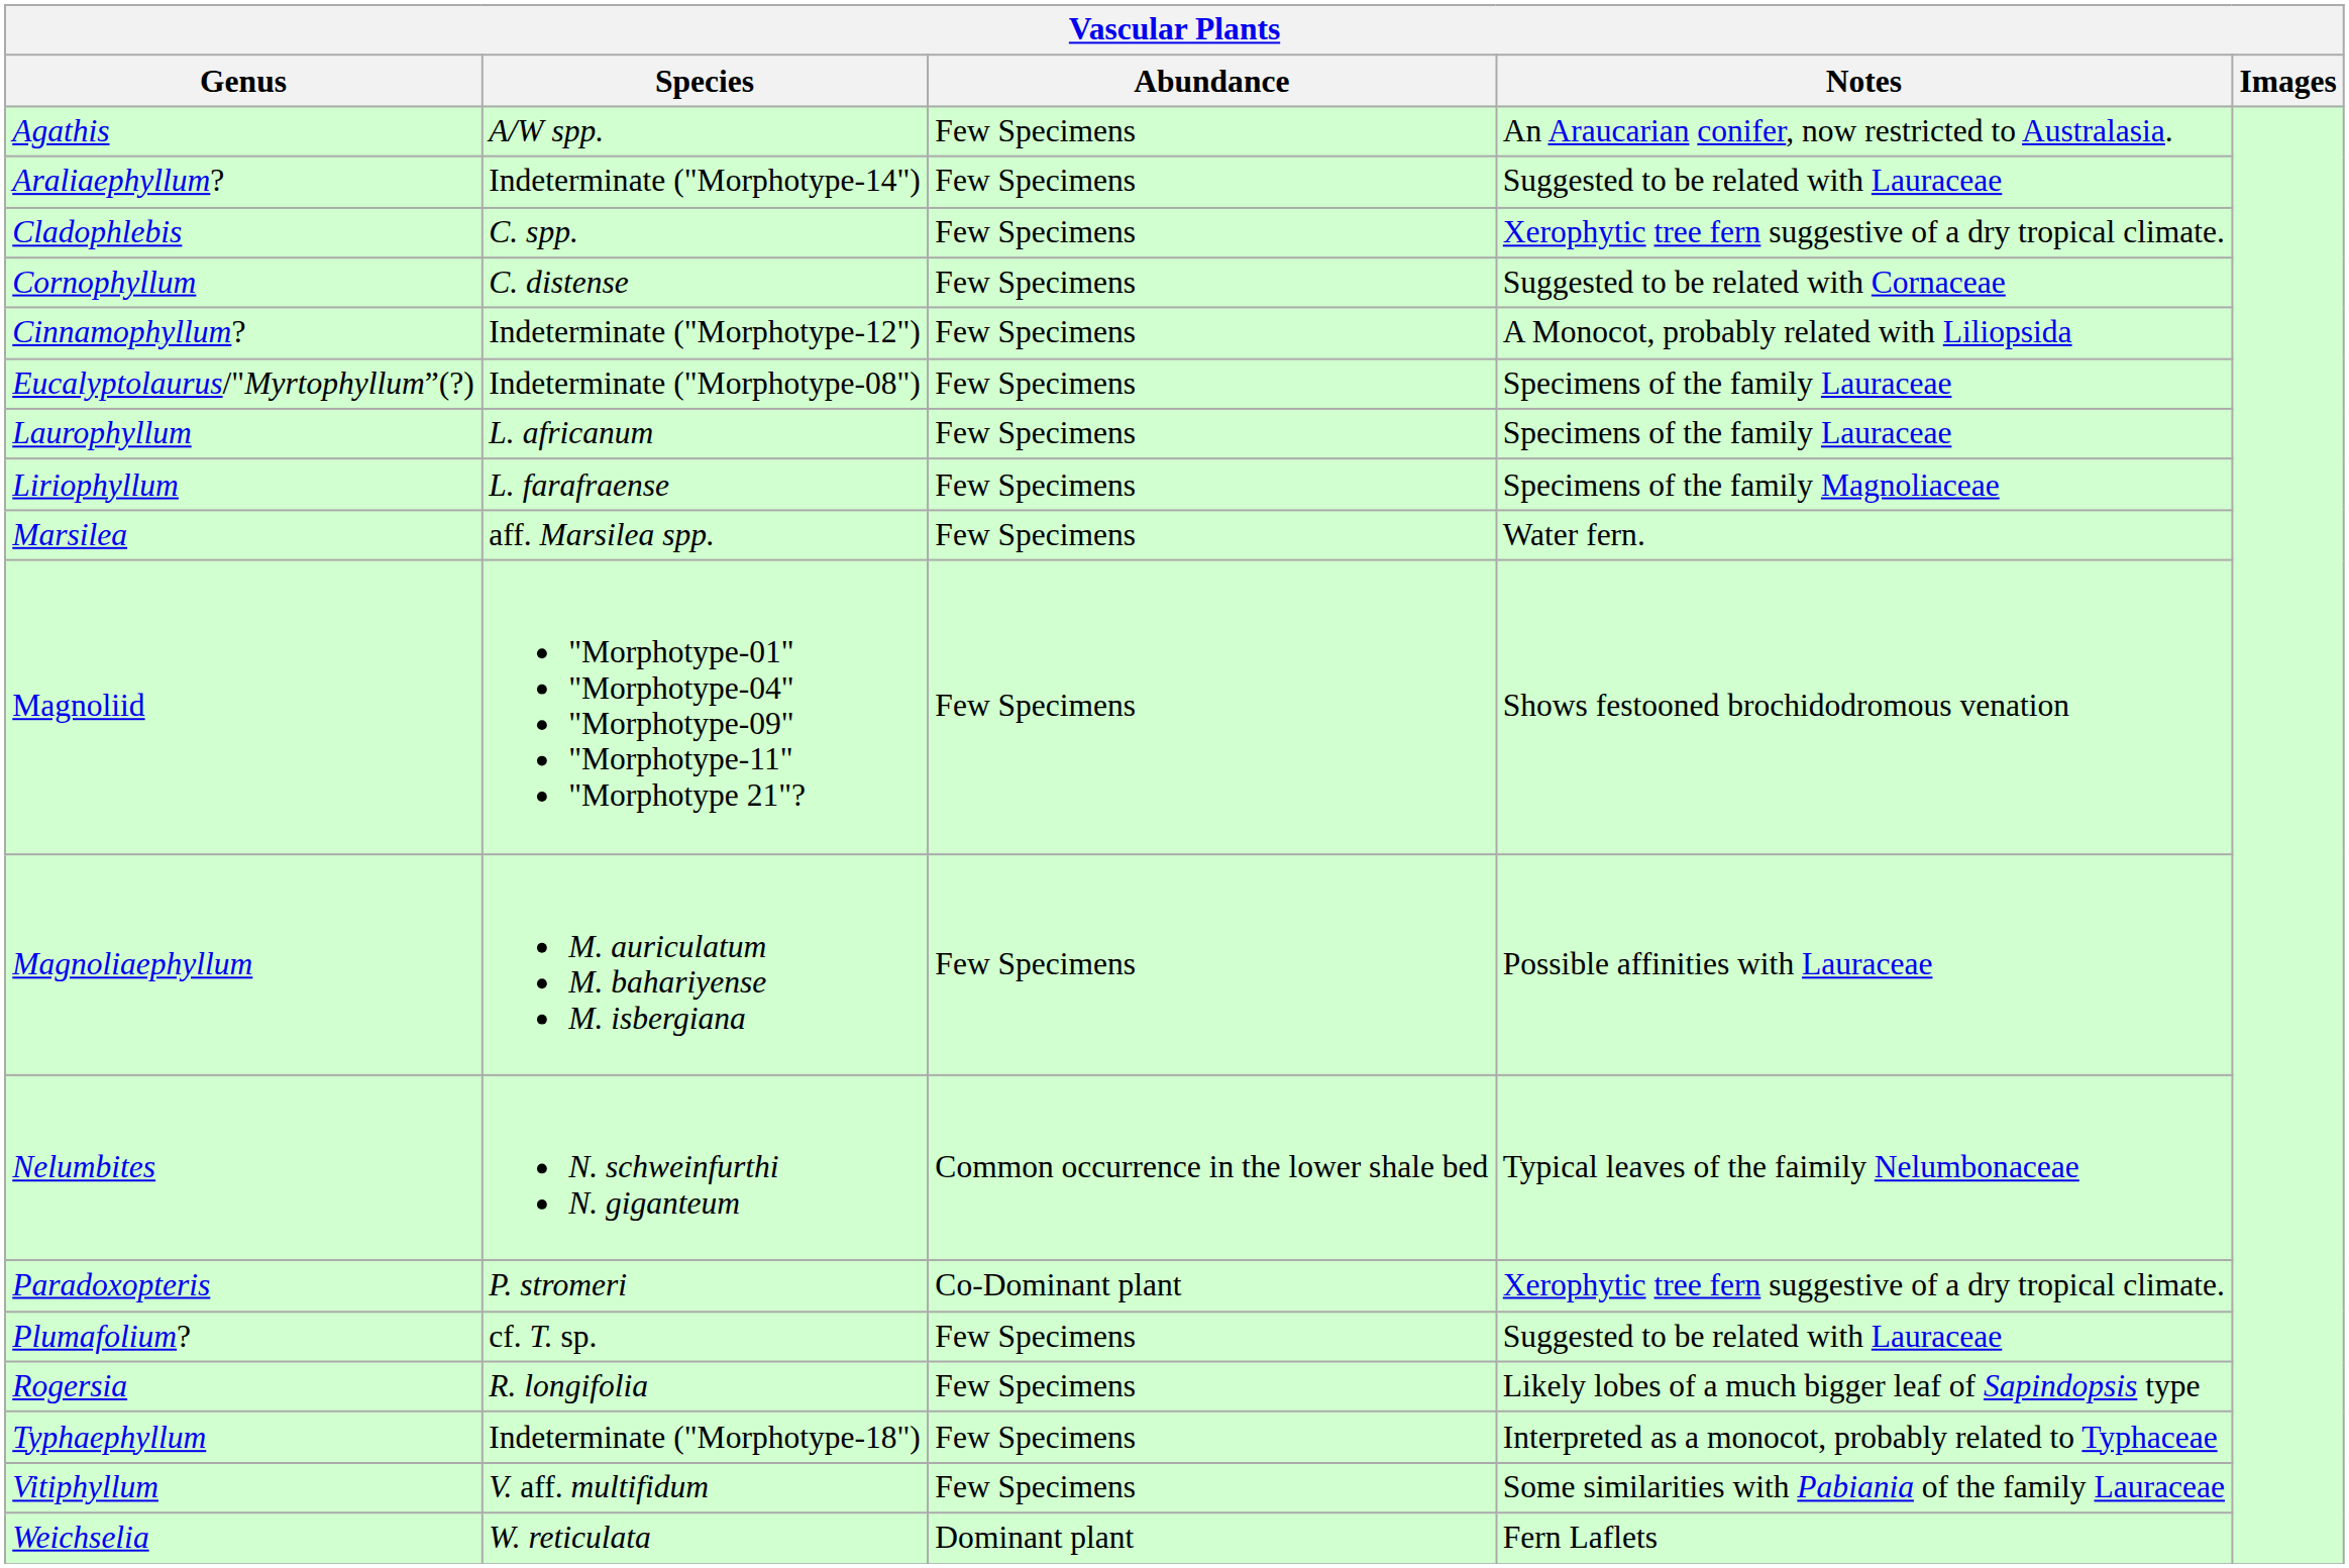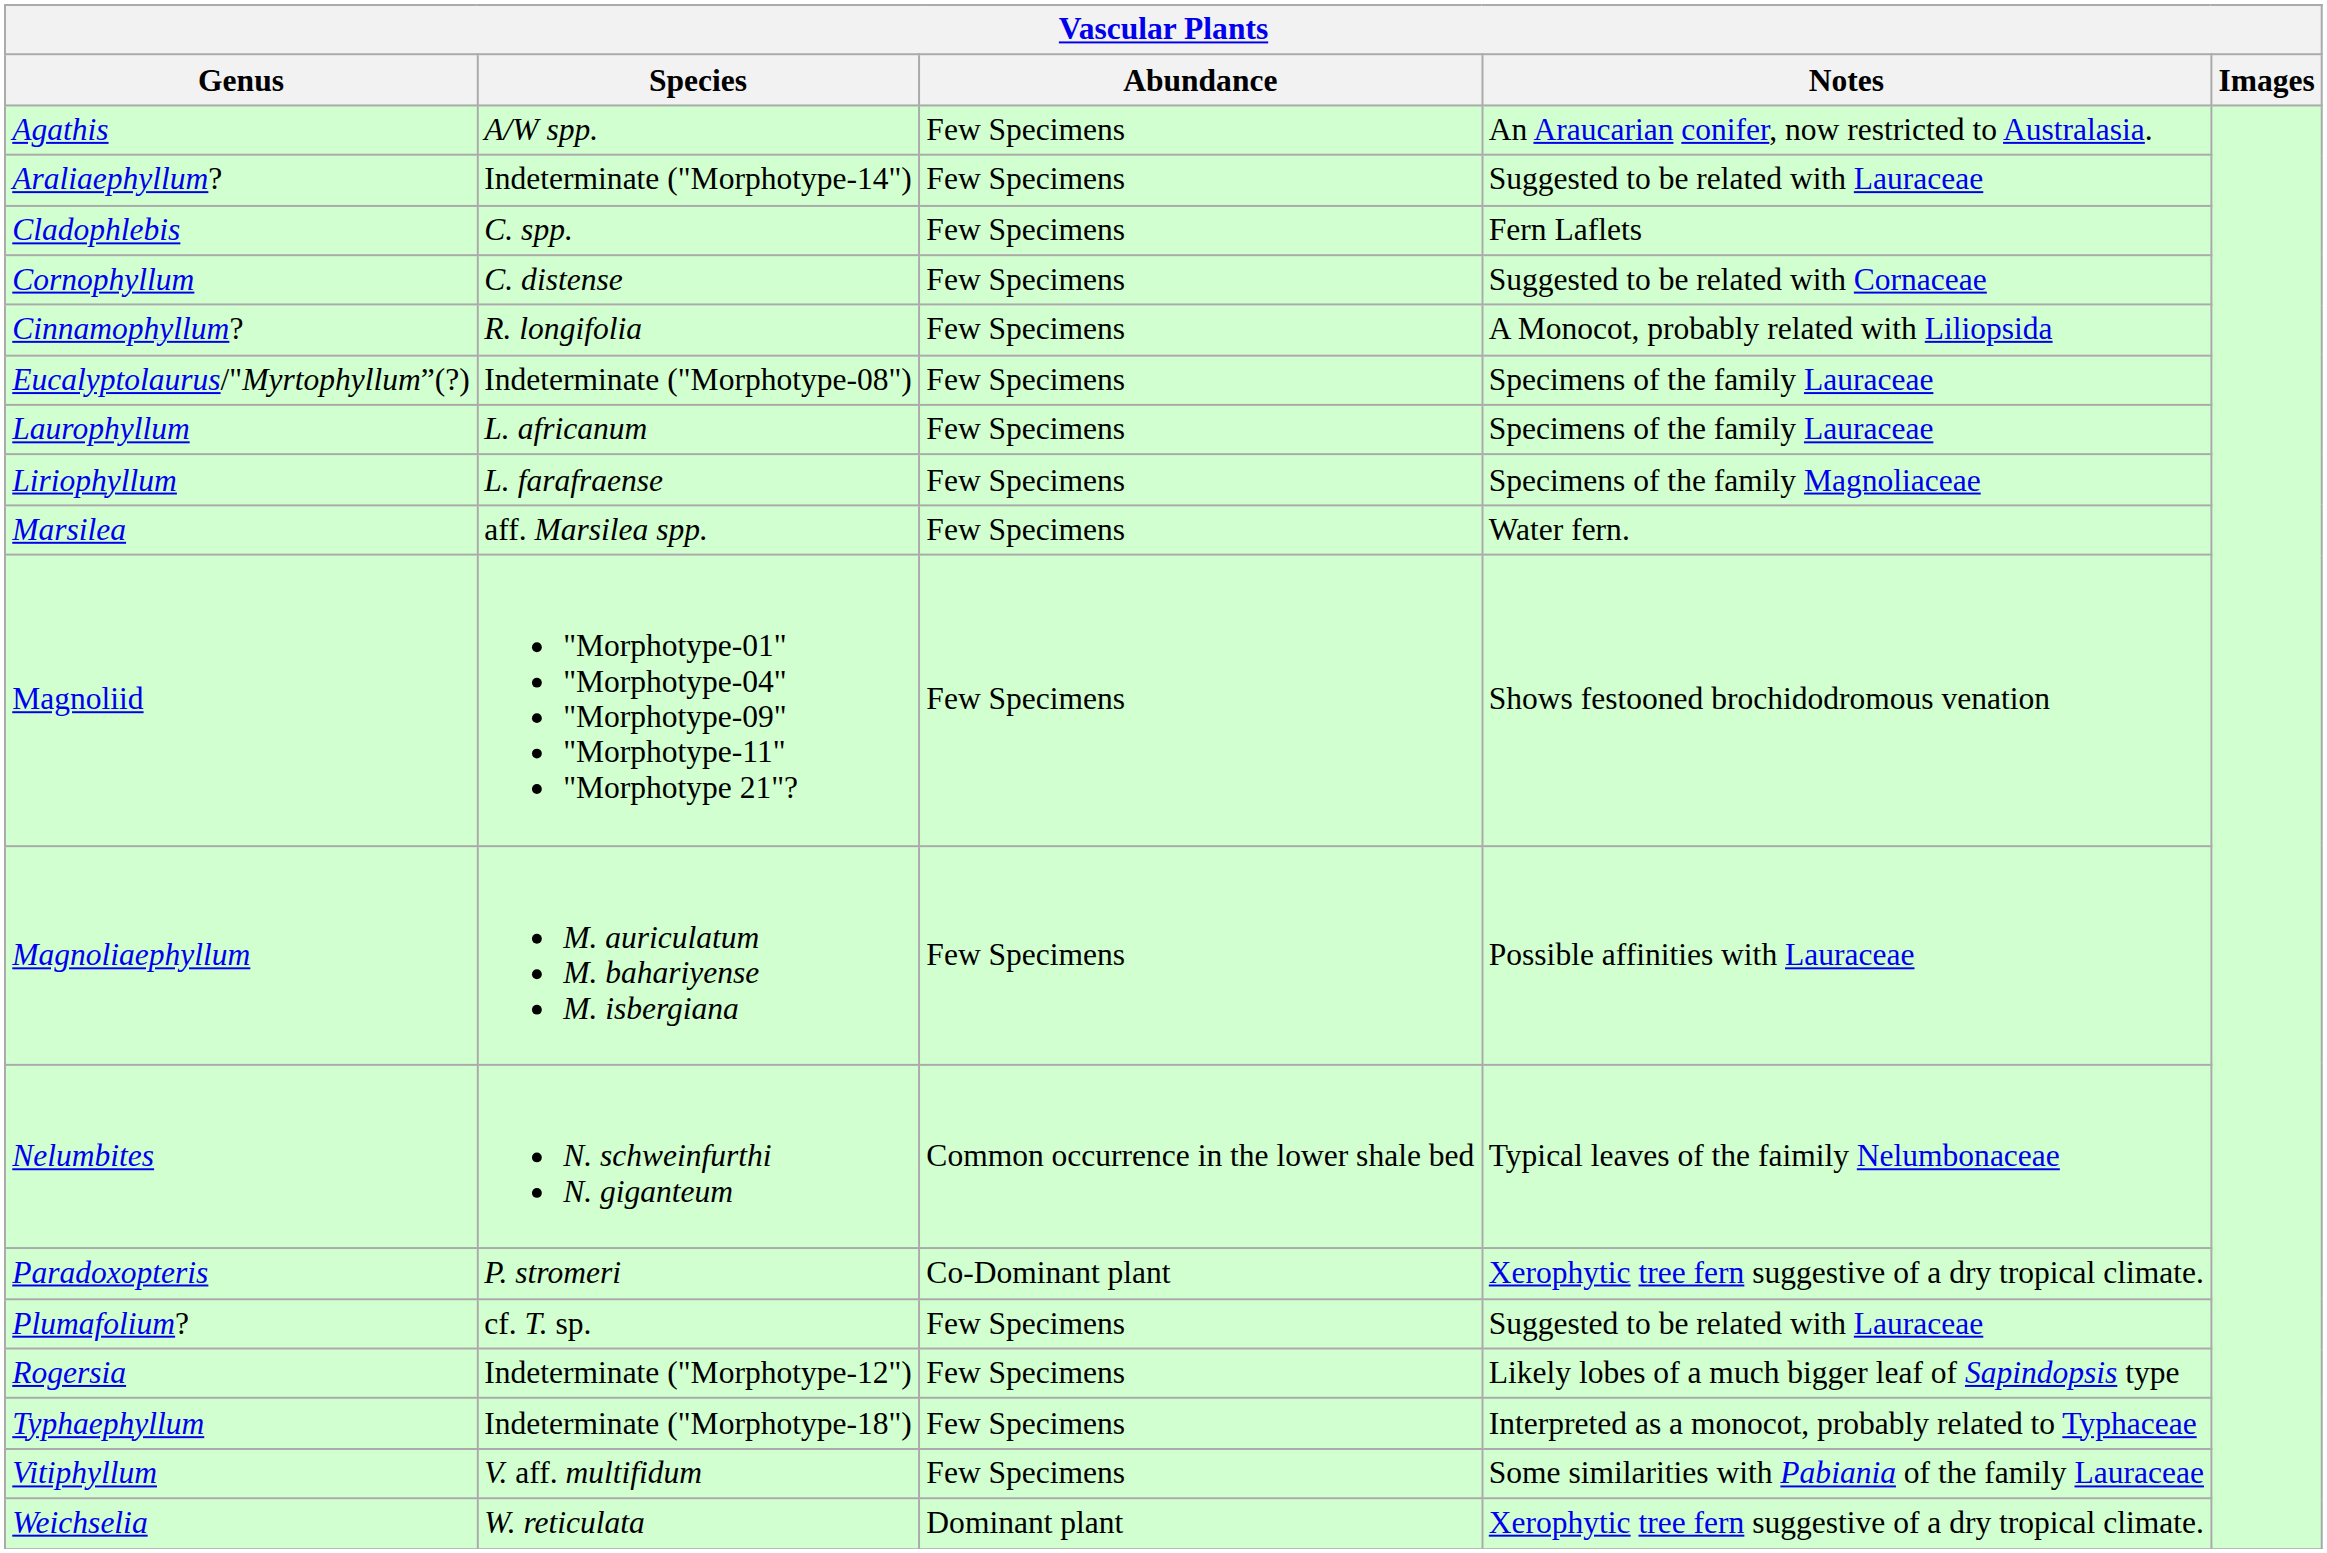 <table class="wikitable" align="center">
 <tr>
 <th colspan="7" align="center"><strong><a href='#'>Vascular Plants</a></strong></th>
 </tr>
 <tr>
 <th>Genus</th>
 <th>Species</th>
 <th>Abundance</th>
 <th>Notes</th>
 <th>Images</th>
 </tr>
 <tr>
 <td style="background:#D1FFCF;"><em><a href='#'>Agathis</a></em></td>
 <td style="background:#D1FFCF;"><em>A/W spp.</em></td>
 <td style="background:#D1FFCF;">Few Specimens</td>
 <td style="background:#D1FFCF;">An <a href='#'>Araucarian</a> <a href='#'>conifer</a>, now restricted to <a href='#'>Australasia</a>.</td>
 <td rowspan="18" style="background:#D1FFCF;"><br>  </td>
 </tr>
 <tr>
 <td style="background:#D1FFCF;"><em><a href='#'>Araliaephyllum</a></em>?</td>
 <td style="background:#D1FFCF;">Indeterminate ("Morphotype-14")</td>
 <td style="background:#D1FFCF;">Few Specimens</td>
 <td style="background:#D1FFCF;">Suggested to be related with <a href='#'>Lauraceae</a></td>
 </tr>
 <tr>
 <td style="background:#D1FFCF;"><em><a href='#'>Cladophlebis</a></em></td>
 <td style="background:#D1FFCF;"><em>C. spp.</em></td>
 <td style="background:#D1FFCF;">Few Specimens</td>
-<td style="background:#D1FFCF;"><a href='#'>Xerophytic</a> <a href='#'>tree fern</a> suggestive of a dry tropical climate.</td>
+<td style="background:#D1FFCF;">Fern Laflets</td>
 </tr>
 <tr>
 <td style="background:#D1FFCF;"><em><a href='#'>Cornophyllum</a></em></td>
 <td style="background:#D1FFCF;"><em>C. distense</em></td>
 <td style="background:#D1FFCF;">Few Specimens</td>
 <td style="background:#D1FFCF;">Suggested to be related with <a href='#'>Cornaceae</a></td>
 </tr>
 <tr>
 <td style="background:#D1FFCF;"><em><a href='#'>Cinnamophyllum</a></em>?<em></em></td>
-<td style="background:#D1FFCF;">Indeterminate ("Morphotype-12")</td>
+<td style="background:#D1FFCF;"><em>R. longifolia</em></td>
 <td style="background:#D1FFCF;">Few Specimens</td>
 <td style="background:#D1FFCF;">A Monocot, probably related with <a href='#'>Liliopsida</a></td>
 </tr>
 <tr>
 <td style="background:#D1FFCF;"><em><a href='#'>Eucalyptolaurus</a></em>/"<em>Myrtophyllum</em>”(?)</td>
 <td style="background:#D1FFCF;">Indeterminate ("Morphotype-08")</td>
 <td style="background:#D1FFCF;">Few Specimens</td>
 <td style="background:#D1FFCF;">Specimens of the family <a href='#'>Lauraceae</a></td>
 </tr>
 <tr>
 <td style="background:#D1FFCF;"><em><a href='#'>Laurophyllum</a></em></td>
 <td style="background:#D1FFCF;"><em>L. africanum</em></td>
 <td style="background:#D1FFCF;">Few Specimens</td>
 <td style="background:#D1FFCF;">Specimens of the family <a href='#'>Lauraceae</a></td>
 </tr>
 <tr>
 <td style="background:#D1FFCF;"><em><a href='#'>Liriophyllum</a></em></td>
 <td style="background:#D1FFCF;"><em>L. farafraense</em></td>
 <td style="background:#D1FFCF;">Few Specimens</td>
 <td style="background:#D1FFCF;">Specimens of the family <a href='#'>Magnoliaceae</a></td>
 </tr>
 <tr>
 <td style="background:#D1FFCF;"><em><a href='#'>Marsilea</a></em></td>
 <td style="background:#D1FFCF;">aff. <em>Marsilea spp.</em></td>
 <td style="background:#D1FFCF;">Few Specimens</td>
 <td style="background:#D1FFCF;">Water fern.</td>
 </tr>
 <tr>
 <td style="background:#D1FFCF;"><a href='#'>Magnoliid</a></td>
 <td style="background:#D1FFCF;"><br><ul><li>"Morphotype-01"</li><li>"Morphotype-04"</li><li>"Morphotype-09"</li><li>"Morphotype-11"</li><li>"Morphotype 21"?</li></ul></td>
 <td style="background:#D1FFCF;">Few Specimens</td>
 <td style="background:#D1FFCF;">Shows festooned brochidodromous venation</td>
 </tr>
 <tr>
 <td style="background:#D1FFCF;"><em><a href='#'>Magnoliaephyllum</a></em></td>
 <td style="background:#D1FFCF;"><br><ul><li><em>M. auriculatum</em></li><li><em>M. bahariyense</em></li><li><em>M. isbergiana</em></li></ul></td>
 <td style="background:#D1FFCF;">Few Specimens</td>
 <td style="background:#D1FFCF;">Possible affinities with <a href='#'>Lauraceae</a></td>
 </tr>
 <tr>
 <td style="background:#D1FFCF;"><em><a href='#'>Nelumbites</a></em></td>
 <td style="background:#D1FFCF;"><br><ul><li><em>N. schweinfurthi</em></li><li><em>N. giganteum</em></li></ul></td>
 <td style="background:#D1FFCF;">Common occurrence in the lower shale bed</td>
 <td style="background:#D1FFCF;">Typical leaves of the faimily <a href='#'>Nelumbonaceae</a></td>
 </tr>
 <tr>
 <td style="background:#D1FFCF;"><em><a href='#'>Paradoxopteris</a></em></td>
 <td style="background:#D1FFCF;"><em>P. stromeri</em></td>
 <td style="background:#D1FFCF;">Co-Dominant plant</td>
 <td style="background:#D1FFCF;"><a href='#'>Xerophytic</a> <a href='#'>tree fern</a> suggestive of a dry tropical climate.</td>
 </tr>
 <tr>
 <td style="background:#D1FFCF;"><em><a href='#'>Plumafolium</a></em>?</td>
 <td style="background:#D1FFCF;">cf. <em>T.</em> sp.</td>
 <td style="background:#D1FFCF;">Few Specimens</td>
 <td style="background:#D1FFCF;">Suggested to be related with <a href='#'>Lauraceae</a></td>
 </tr>
 <tr>
 <td style="background:#D1FFCF;"><em><a href='#'>Rogersia</a></em></td>
-<td style="background:#D1FFCF;"><em>R. longifolia</em></td>
+<td style="background:#D1FFCF;">Indeterminate ("Morphotype-12")</td>
 <td style="background:#D1FFCF;">Few Specimens</td>
 <td style="background:#D1FFCF;">Likely lobes of a much bigger leaf of <em><a href='#'>Sapindopsis</a></em> type</td>
 </tr>
 <tr>
 <td style="background:#D1FFCF;"><em><a href='#'>Typhaephyllum</a></em></td>
 <td style="background:#D1FFCF;">Indeterminate ("Morphotype-18")</td>
 <td style="background:#D1FFCF;">Few Specimens</td>
 <td style="background:#D1FFCF;">Interpreted as a monocot, probably related to <a href='#'>Typhaceae</a></td>
 </tr>
 <tr>
 <td style="background:#D1FFCF;"><em><a href='#'>Vitiphyllum</a></em></td>
 <td style="background:#D1FFCF;"><em>V.</em> aff. <em>multifidum</em></td>
 <td style="background:#D1FFCF;">Few Specimens</td>
 <td style="background:#D1FFCF;">Some similarities with <em><a href='#'>Pabiania</a></em> of the family <a href='#'>Lauraceae</a></td>
 </tr>
 <tr>
 <td style="background:#D1FFCF;"><em><a href='#'>Weichselia</a></em></td>
 <td style="background:#D1FFCF;"><em>W. reticulata</em></td>
 <td style="background:#D1FFCF;">Dominant plant</td>
-<td style="background:#D1FFCF;">Fern Laflets</td>
+<td style="background:#D1FFCF;"><a href='#'>Xerophytic</a> <a href='#'>tree fern</a> suggestive of a dry tropical climate.</td>
 </tr>
 <tr>
 </tr>
 </table>
